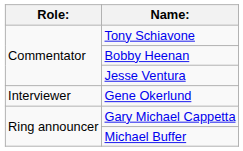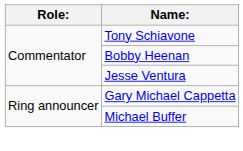 <table class=wikitable style="font-size:90%; margin: 0.5em 0 0.5em 1em; float: right; clear: right;">
 <tr>
 <th>Role:</th>
 <th>Name:</th>
 </tr>
 <tr>
 <td rowspan=3>Commentator</td>
 <td><a href='#'>Tony Schiavone</a></td>
 </tr>
 <tr>
 <td><a href='#'>Bobby Heenan</a></td>
 </tr>
 <tr>
 <td><a href='#'>Jesse Ventura</a></td>
 </tr>
 <tr>
-<td>Interviewer</td>
-<td><a href='#'>Gene Okerlund</a></td>
-</tr>
-<tr>
 <td rowspan=2>Ring announcer</td>
 <td><a href='#'>Gary Michael Cappetta</a></td>
 </tr>
 <tr>
 <td><a href='#'>Michael Buffer</a></td>
 </tr>
 </table>
